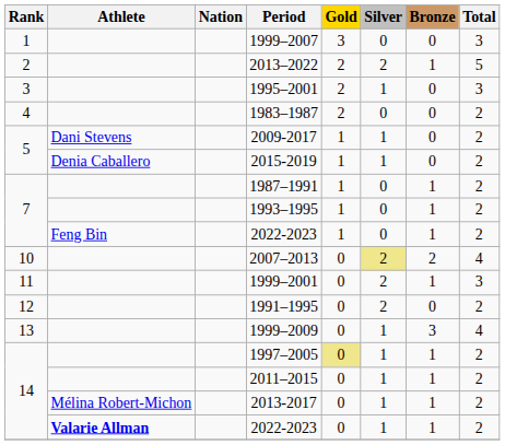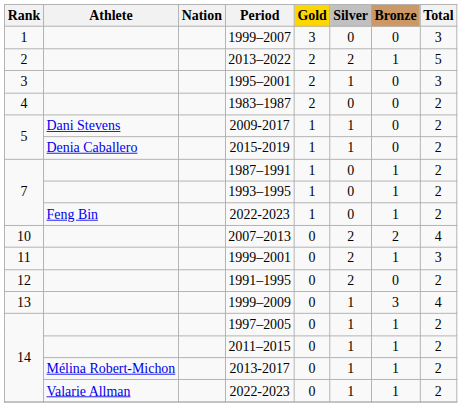 <table class="wikitable sortable" style="text-align:center">
 <tr>
 <th class="unsortable">Rank</th>
 <th>Athlete</th>
 <th>Nation</th>
 <th>Period</th>
 <th style="background-color:gold">Gold</th>
 <th style="background-color:silver">Silver</th>
 <th style="background-color:#cc9966">Bronze</th>
 <th>Total</th>
 </tr>
 <tr>
 <td>1</td>
 <td align=left></td>
 <td align=left></td>
 <td>1999–2007</td>
 <td>3</td>
 <td>0</td>
 <td>0</td>
 <td>3</td>
 </tr>
 <tr>
 <td>2</td>
 <td align=left></td>
 <td align=left></td>
 <td>2013–2022</td>
 <td>2</td>
 <td>2</td>
 <td>1</td>
 <td>5</td>
 </tr>
 <tr>
 <td>3</td>
 <td align=left></td>
 <td align=left></td>
 <td>1995–2001</td>
 <td>2</td>
 <td>1</td>
 <td>0</td>
 <td>3</td>
 </tr>
 <tr>
 <td>4</td>
 <td align=left></td>
 <td align=left></td>
 <td>1983–1987</td>
 <td>2</td>
 <td>0</td>
 <td>0</td>
 <td>2</td>
 </tr>
 <tr>
 <td rowspan="2">5</td>
 <td align="left"><a href='#'>Dani Stevens</a></td>
 <td align="left"></td>
 <td>2009-2017</td>
 <td>1</td>
 <td>1</td>
 <td>0</td>
 <td>2</td>
 </tr>
 <tr>
 <td align="left"><a href='#'>Denia Caballero</a></td>
 <td align="left"></td>
 <td>2015-2019</td>
 <td>1</td>
 <td>1</td>
 <td>0</td>
 <td>2</td>
 </tr>
 <tr>
 <td rowspan="3">7</td>
 <td align="left"></td>
 <td align="left"></td>
 <td>1987–1991</td>
 <td>1</td>
 <td>0</td>
 <td>1</td>
 <td>2</td>
 </tr>
 <tr>
 <td align="left"></td>
 <td align="left"></td>
 <td>1993–1995</td>
 <td>1</td>
 <td>0</td>
 <td>1</td>
 <td>2</td>
 </tr>
 <tr>
 <td align="left"><a href='#'>Feng Bin</a></td>
 <td align="left"></td>
 <td>2022-2023</td>
 <td>1</td>
 <td>0</td>
 <td>1</td>
 <td>2</td>
 </tr>
 <tr>
 <td>10</td>
 <td align="left"></td>
 <td align="left"></td>
 <td>2007–2013</td>
 <td>0</td>
-<td style="background: khaki;">2</td>
+<td>2</td>
 <td>2</td>
 <td>4</td>
 </tr>
 <tr>
 <td>11</td>
 <td align="left"></td>
 <td align="left"></td>
 <td>1999–2001</td>
 <td>0</td>
 <td>2</td>
 <td>1</td>
 <td>3</td>
 </tr>
 <tr>
 <td>12</td>
 <td align="left"></td>
 <td align="left"></td>
 <td>1991–1995</td>
 <td>0</td>
 <td>2</td>
 <td>0</td>
 <td>2</td>
 </tr>
 <tr>
 <td>13</td>
 <td align="left"></td>
 <td align="left"></td>
 <td>1999–2009</td>
 <td>0</td>
 <td>1</td>
 <td>3</td>
 <td>4</td>
 </tr>
 <tr>
 <td rowspan="4">14</td>
 <td align="left"></td>
 <td align="left"></td>
 <td>1997–2005</td>
-<td style="background: khaki;">0</td>
+<td>0</td>
 <td>1</td>
 <td>1</td>
 <td>2</td>
 </tr>
 <tr>
 <td align="left"></td>
 <td align="left"></td>
 <td>2011–2015</td>
 <td>0</td>
 <td>1</td>
 <td>1</td>
 <td>2</td>
 </tr>
 <tr>
 <td align="left"><a href='#'>Mélina Robert-Michon</a></td>
 <td align="left"></td>
 <td>2013-2017</td>
 <td>0</td>
 <td>1</td>
 <td>1</td>
 <td>2</td>
 </tr>
 <tr>
-<td align="left"><strong><a href='#'>Valarie Allman</a></strong></td>
+<td align="left"><a href='#'>Valarie Allman</a></td>
 <td align="left"></td>
 <td>2022-2023</td>
 <td>0</td>
 <td>1</td>
 <td>1</td>
 <td>2</td>
 </tr>
 <tr>
 </tr>
 </table>
